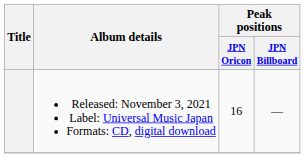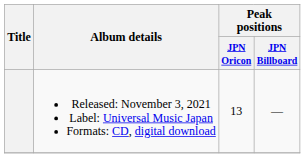 <table class="wikitable plainrowheaders" style="text-align:center;">
 <tr>
 <th scope="col" rowspan="2">Title</th>
 <th scope="col" rowspan="2">Album details</th>
 <th scope="col" colspan="2">Peak<br> positions</th>
 </tr>
 <tr>
 <th scope="col" colspan="1"><small><a href='#'>JPN<br>Oricon</a></small><br></th>
 <th scope="col" colspan="1"><small><a href='#'>JPN<br>Billboard</a></small><br></th>
 </tr>
 <tr>
 <th scope="row"><em></em></th>
 <td><br><ul><li>Released: November 3, 2021</li><li>Label: <a href='#'>Universal Music Japan</a></li><li>Formats: <a href='#'>CD</a>, <a href='#'>digital download</a></li></ul></td>
-<td>16</td>
+<td>13</td>
 <td>—</td>
 </tr>
 <tr>
 </tr>
 </table>
